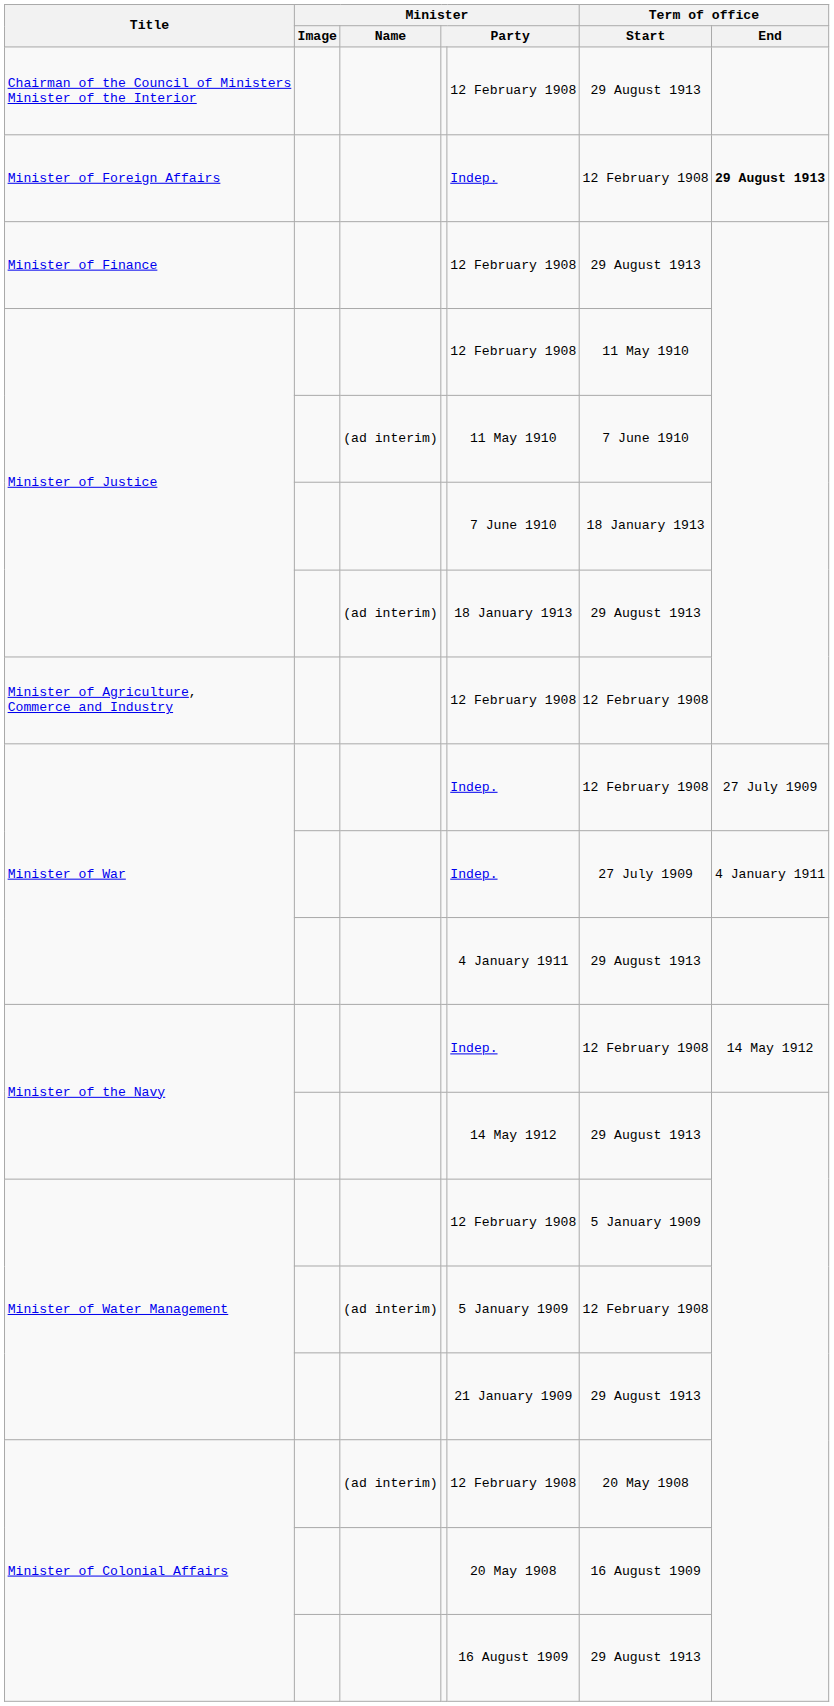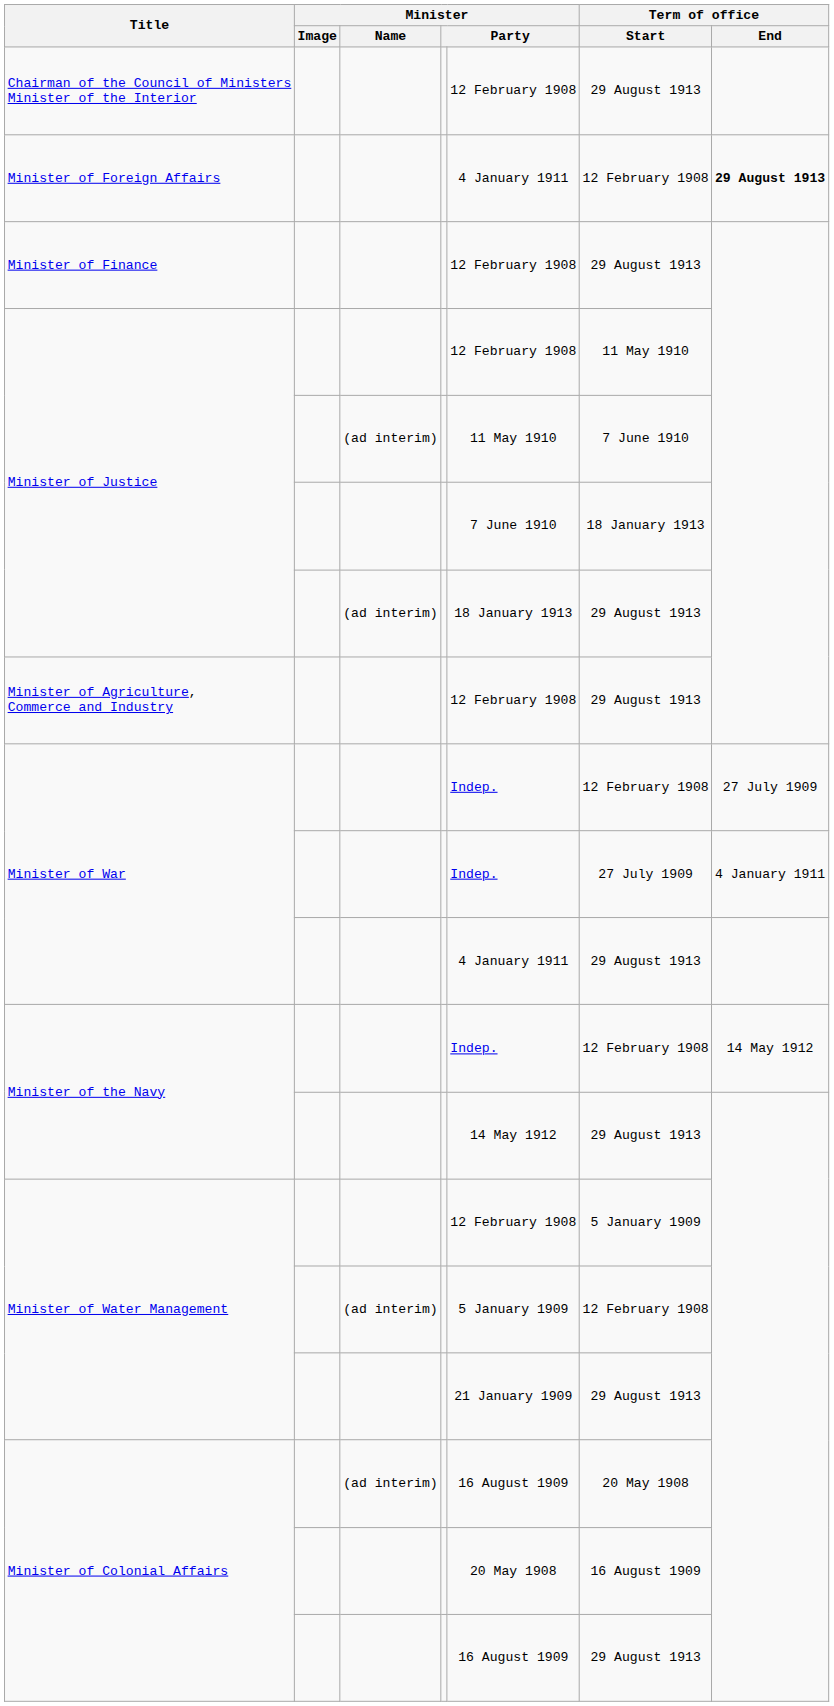 <table class="wikitable sortable" style="text-align:left">
 <tr>
 <th rowspan="2">Title</th>
 <th colspan="4">Minister</th>
 <th colspan="2">Term of office</th>
 </tr>
 <tr>
 <th class="unsortable">Image</th>
 <th>Name</th>
 <th colspan="2">Party</th>
 <th data-sort-type="date">Start</th>
 <th data-sort-type=date>End</th>
 </tr>
 <tr>
 <td><a href='#'>Chairman of the Council of Ministers</a> <br> <a href='#'>Minister of the Interior</a></td>
 <td height="80px"></td>
 <td></td>
 <td></td>
 <td style="text-align:center">12 February 1908</td>
 <td style="text-align:center">29 August 1913</td>
 </tr>
 <tr>
 <td><a href='#'>Minister of Foreign Affairs</a></td>
 <td height="80px"></td>
 <td></td>
 <td style="background:"></td>
-<td><a href='#'>Indep.</a></td>
+<td style="text-align:center">4 January 1911</td>
 <td style="text-align:center">12 February 1908</td>
 <td style="text-align:center"><strong>29 August 1913</strong></td>
 </tr>
 <tr>
 <td><a href='#'>Minister of Finance</a></td>
 <td height="80px"></td>
 <td></td>
 <td></td>
 <td style="text-align:center">12 February 1908</td>
 <td style="text-align:center">29 August 1913</td>
 </tr>
 <tr>
 <td rowspan=4><a href='#'>Minister of Justice</a></td>
 <td height="80px"></td>
 <td></td>
 <td></td>
 <td style="text-align:center">12 February 1908</td>
 <td style="text-align:center">11 May 1910</td>
 </tr>
 <tr>
 <td height="80px"></td>
 <td> (ad interim)</td>
 <td></td>
 <td style="text-align:center">11 May 1910</td>
 <td style="text-align:center">7 June 1910</td>
 </tr>
 <tr>
 <td height="80px"></td>
 <td></td>
 <td></td>
 <td style="text-align:center">7 June 1910</td>
 <td style="text-align:center">18 January 1913</td>
 </tr>
 <tr>
 <td height="80px"></td>
 <td> (ad interim)</td>
 <td></td>
 <td style="text-align:center">18 January 1913</td>
 <td style="text-align:center">29 August 1913</td>
 </tr>
 <tr>
 <td><a href='#'>Minister of Agriculture</a>, <br> <a href='#'>Commerce and Industry</a></td>
 <td height="80px"></td>
 <td></td>
 <td></td>
 <td style="text-align:center">12 February 1908</td>
-<td style="text-align:center">12 February 1908</td>
+<td style="text-align:center">29 August 1913</td>
 </tr>
 <tr>
 <td rowspan=3><a href='#'>Minister of War</a></td>
 <td height="80px"></td>
 <td></td>
 <td style="background:"></td>
 <td><a href='#'>Indep.</a></td>
 <td style="text-align:center">12 February 1908</td>
 <td style="text-align:center">27 July 1909</td>
 </tr>
 <tr>
 <td height="80px"></td>
 <td></td>
 <td style="background:"></td>
 <td><a href='#'>Indep.</a></td>
 <td style="text-align:center">27 July 1909</td>
 <td style="text-align:center">4 January 1911</td>
 </tr>
 <tr>
 <td height="80px"></td>
 <td></td>
 <td></td>
 <td style="text-align:center">4 January 1911</td>
 <td style="text-align:center">29 August 1913</td>
 </tr>
 <tr>
 <td rowspan=2><a href='#'>Minister of the Navy</a></td>
 <td height="80px"></td>
 <td></td>
 <td style="background:"></td>
 <td><a href='#'>Indep.</a></td>
 <td style="text-align:center">12 February 1908</td>
 <td style="text-align:center">14 May 1912</td>
 </tr>
 <tr>
 <td height="80px"></td>
 <td></td>
 <td></td>
 <td style="text-align:center">14 May 1912</td>
 <td style="text-align:center">29 August 1913</td>
 </tr>
 <tr>
 <td rowspan=3><a href='#'>Minister of Water Management</a></td>
 <td height="80px"></td>
 <td></td>
 <td></td>
 <td style="text-align:center">12 February 1908</td>
 <td style="text-align:center">5 January 1909</td>
 </tr>
 <tr>
 <td height="80px"></td>
 <td> (ad interim)</td>
 <td></td>
 <td style="text-align:center">5 January 1909</td>
 <td style="text-align:center">12 February 1908</td>
 </tr>
 <tr>
 <td height="80px"></td>
 <td></td>
 <td></td>
 <td style="text-align:center">21 January 1909</td>
 <td style="text-align:center">29 August 1913</td>
 </tr>
 <tr>
 <td rowspan=3><a href='#'>Minister of Colonial Affairs</a></td>
 <td height="80px"></td>
 <td> (ad interim)</td>
 <td></td>
-<td style="text-align:center">12 February 1908</td>
+<td style="text-align:center">16 August 1909</td>
 <td style="text-align:center">20 May 1908</td>
 </tr>
 <tr>
 <td height="80px"></td>
 <td></td>
 <td></td>
 <td style="text-align:center">20 May 1908</td>
 <td style="text-align:center">16 August 1909</td>
 </tr>
 <tr>
 <td height="80px"></td>
 <td></td>
 <td></td>
 <td style="text-align:center">16 August 1909</td>
 <td style="text-align:center">29 August 1913</td>
 </tr>
 </table>
